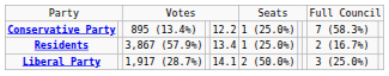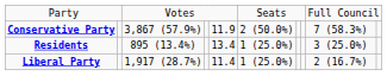 <table class=wikitable style="text-align:center;">
 <tr>
 <td colspan=2>Party</td>
 <td colspan=3>Votes</td>
 <td colspan=3>Seats</td>
 <td colspan=3>Full Council</td>
 </tr>
 <tr>
 <td><strong><a href='#'>Conservative Party</a></strong></td>
 <td style="background:"></td>
-<td>895 (13.4%)</td>
+<td>3,867 (57.9%)</td>
 <td></td>
-<td> 12.2</td>
-<td>1 (25.0%)</td>
+<td> 11.9</td>
+<td>2 (50.0%)</td>
 <td></td>
 <td></td>
 <td>7 (58.3%)</td>
 <td></td>
 </tr>
 <tr>
 <td><strong><a href='#'>Residents</a></strong></td>
 <td style="background:"></td>
-<td>3,867 (57.9%)</td>
+<td>895 (13.4%)</td>
 <td></td>
 <td> 13.4</td>
 <td>1 (25.0%)</td>
 <td></td>
 <td></td>
-<td>2 (16.7%)</td>
+<td>3 (25.0%)</td>
 <td></td>
 </tr>
 <tr>
 <td><strong><a href='#'>Liberal Party</a></strong></td>
 <td style="background:"></td>
 <td>1,917 (28.7%)</td>
 <td></td>
-<td> 14.1</td>
-<td>2 (50.0%)</td>
+<td> 11.4</td>
+<td>1 (25.0%)</td>
 <td></td>
 <td></td>
-<td>3 (25.0%)</td>
+<td>2 (16.7%)</td>
 <td></td>
 </tr>
 </table>
